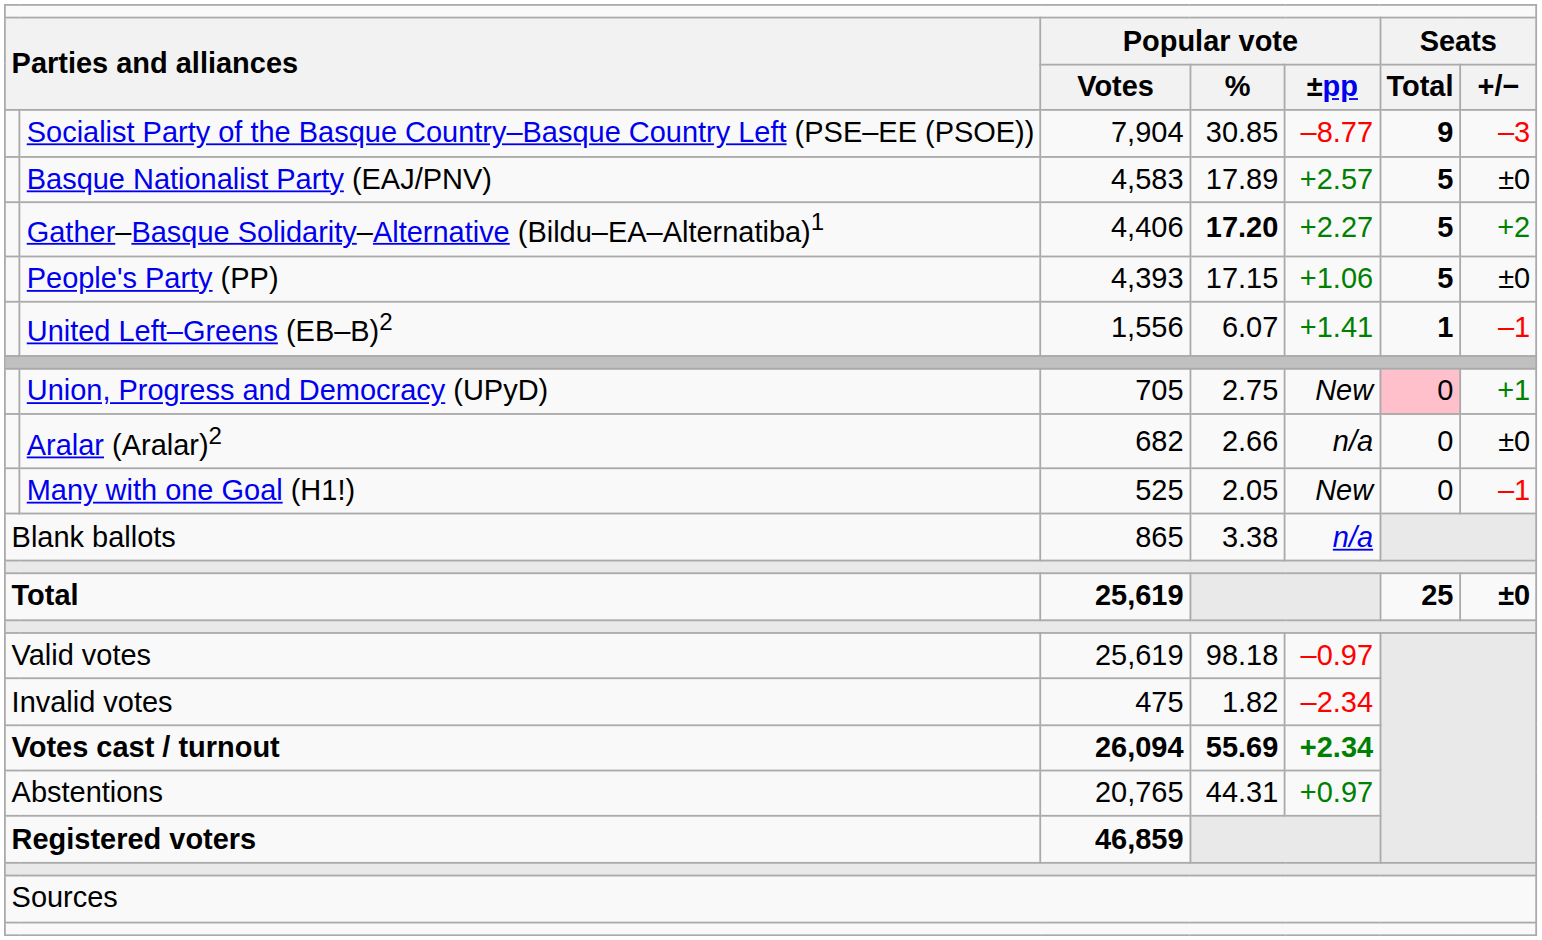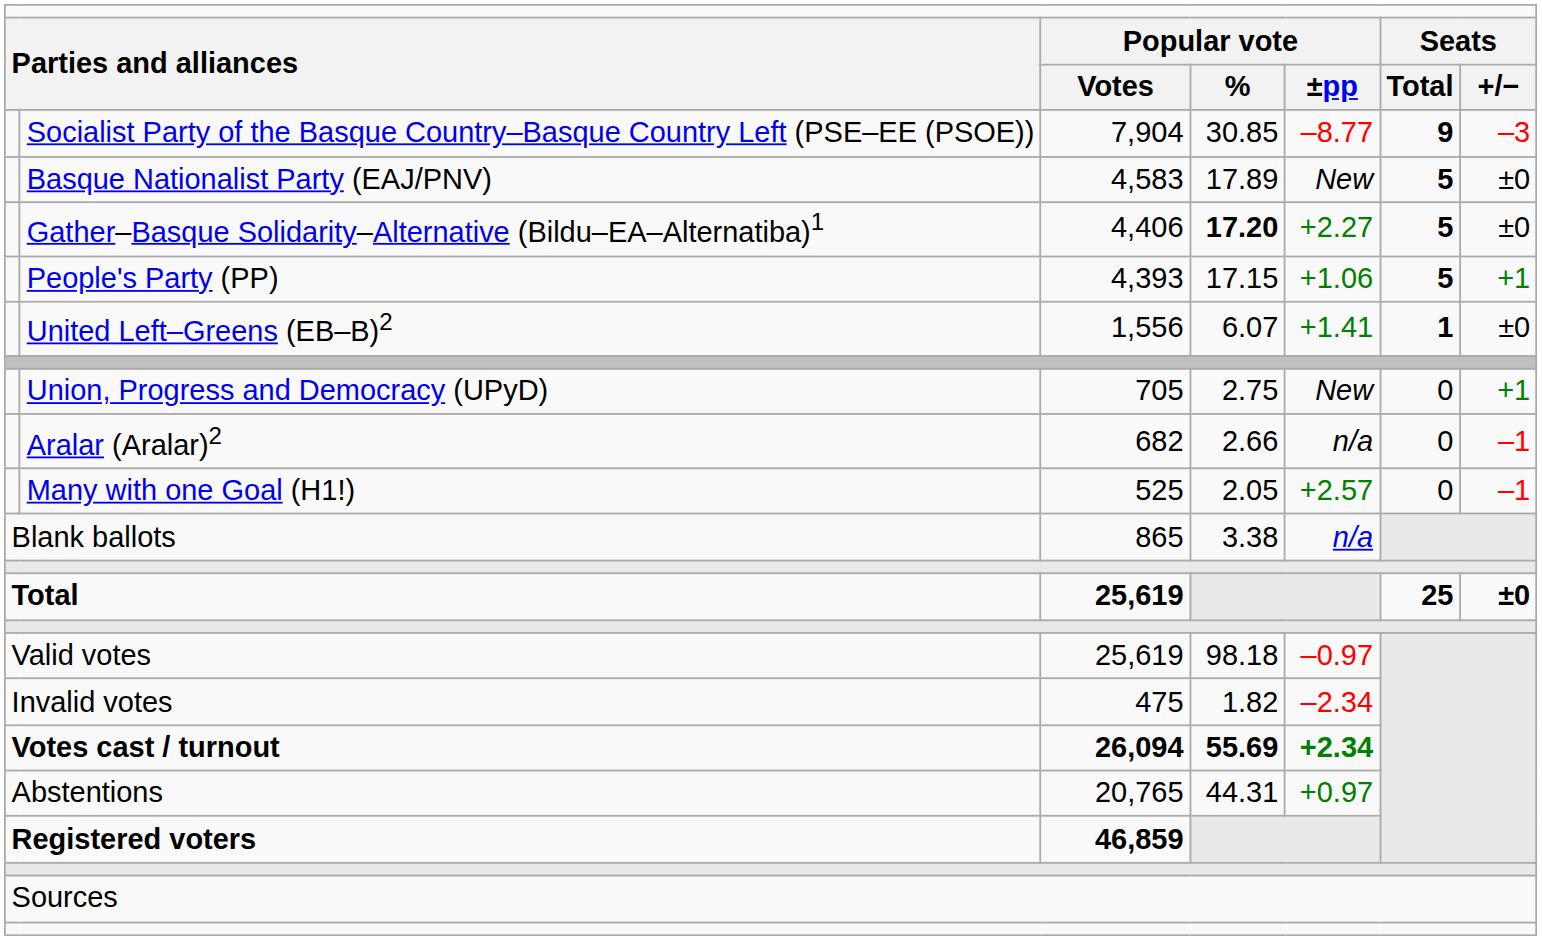 <table class="wikitable" style="text-align:right;">
 <tr>
 <td colspan="7"></td>
 </tr>
 <tr>
 <th style="text-align:left;" rowspan="2" colspan="2" width="525">Parties and alliances</th>
 <th colspan="3">Popular vote</th>
 <th colspan="2">Seats</th>
 </tr>
 <tr>
 <th width="75">Votes</th>
 <th width="45">%</th>
 <th width="45">±<a href='#'>pp</a></th>
 <th width="35">Total</th>
 <th width="35">+/−</th>
 </tr>
 <tr>
 <td width="1" style="color:inherit;background:"></td>
 <td align="left"><a href='#'>Socialist Party of the Basque Country–Basque Country Left</a> (PSE–EE (PSOE))</td>
 <td>7,904</td>
 <td>30.85</td>
 <td style="color:red;">–8.77</td>
 <td><strong>9</strong></td>
 <td style="color:red;">–3</td>
 </tr>
 <tr>
 <td style="color:inherit;background:"></td>
 <td align="left"><a href='#'>Basque Nationalist Party</a> (EAJ/PNV)</td>
 <td>4,583</td>
 <td>17.89</td>
-<td style="color:green;">+2.57</td>
+<td><em>New</em></td>
 <td><strong>5</strong></td>
 <td>±0</td>
 </tr>
 <tr>
 <td style="color:inherit;background:"></td>
 <td align="left"><a href='#'>Gather</a>–<a href='#'>Basque Solidarity</a>–<a href='#'>Alternative</a> (Bildu–EA–Alternatiba)<sup>1</sup></td>
 <td>4,406</td>
 <td><strong>17.20</strong></td>
 <td style="color:green;">+2.27</td>
 <td><strong>5</strong></td>
-<td style="color:green;">+2</td>
+<td>±0</td>
 </tr>
 <tr>
 <td style="color:inherit;background:"></td>
 <td align="left"><a href='#'>People's Party</a> (PP)</td>
 <td>4,393</td>
 <td>17.15</td>
 <td style="color:green;">+1.06</td>
 <td><strong>5</strong></td>
-<td>±0</td>
+<td style="color:green;">+1</td>
 </tr>
 <tr>
 <td style="color:inherit;background:"></td>
 <td align="left"><a href='#'>United Left–Greens</a> (EB–B)<sup>2</sup></td>
 <td>1,556</td>
 <td>6.07</td>
 <td style="color:green;">+1.41</td>
 <td><strong>1</strong></td>
-<td style="color:red;">–1</td>
+<td>±0</td>
 </tr>
 <tr>
 <td colspan="7" bgcolor="#C0C0C0"></td>
 </tr>
 <tr>
 <td style="color:inherit;background:"></td>
 <td align="left"><a href='#'>Union, Progress and Democracy</a> (UPyD)</td>
 <td>705</td>
 <td>2.75</td>
 <td><em>New</em></td>
-<td style="background: pink;">0</td>
+<td>0</td>
 <td style="color:green;">+1</td>
 </tr>
 <tr>
 <td style="color:inherit;background:"></td>
 <td align="left"><a href='#'>Aralar</a> (Aralar)<sup>2</sup></td>
 <td>682</td>
 <td>2.66</td>
 <td><em>n/a</em></td>
 <td>0</td>
-<td>±0</td>
+<td style="color:red;">–1</td>
 </tr>
 <tr>
 <td style="color:inherit;background:"></td>
 <td align="left"><a href='#'>Many with one Goal</a> (H1!)</td>
 <td>525</td>
 <td>2.05</td>
-<td><em>New</em></td>
+<td style="color:green;">+2.57</td>
 <td>0</td>
 <td style="color:red;">–1</td>
 </tr>
 <tr>
 <td align="left" colspan="2">Blank ballots</td>
 <td>865</td>
 <td>3.38</td>
 <td><em><a href='#'>n/a</a></em></td>
 <td bgcolor="#E9E9E9" colspan="2"></td>
 </tr>
 <tr>
 <td colspan="7" bgcolor="#E9E9E9"></td>
 </tr>
 <tr style="font-weight:bold;">
 <td align="left" colspan="2">Total</td>
 <td>25,619</td>
 <td bgcolor="#E9E9E9" colspan="2"></td>
 <td>25</td>
 <td>±0</td>
 </tr>
 <tr>
 <td colspan="7" bgcolor="#E9E9E9"></td>
 </tr>
 <tr>
 <td align="left" colspan="2">Valid votes</td>
 <td>25,619</td>
 <td>98.18</td>
 <td style="color:red;">–0.97</td>
 <td bgcolor="#E9E9E9" colspan="2" rowspan="5"></td>
 </tr>
 <tr>
 <td align="left" colspan="2">Invalid votes</td>
 <td>475</td>
 <td>1.82</td>
 <td style="color:red;">–2.34</td>
 </tr>
 <tr style="font-weight:bold;">
 <td align="left" colspan="2">Votes cast / turnout</td>
 <td>26,094</td>
 <td>55.69</td>
 <td style="color:green;">+2.34</td>
 </tr>
 <tr>
 <td align="left" colspan="2">Abstentions</td>
 <td>20,765</td>
 <td>44.31</td>
 <td style="color:green;">+0.97</td>
 </tr>
 <tr style="font-weight:bold;">
 <td align="left" colspan="2">Registered voters</td>
 <td>46,859</td>
 <td bgcolor="#E9E9E9" colspan="2"></td>
 </tr>
 <tr>
 <td colspan="7" bgcolor="#E9E9E9"></td>
 </tr>
 <tr>
 <td align="left" colspan="7">Sources</td>
 </tr>
 <tr>
 <td colspan="7" style="text-align:left; max-width:790px;"></td>
 </tr>
 </table>
